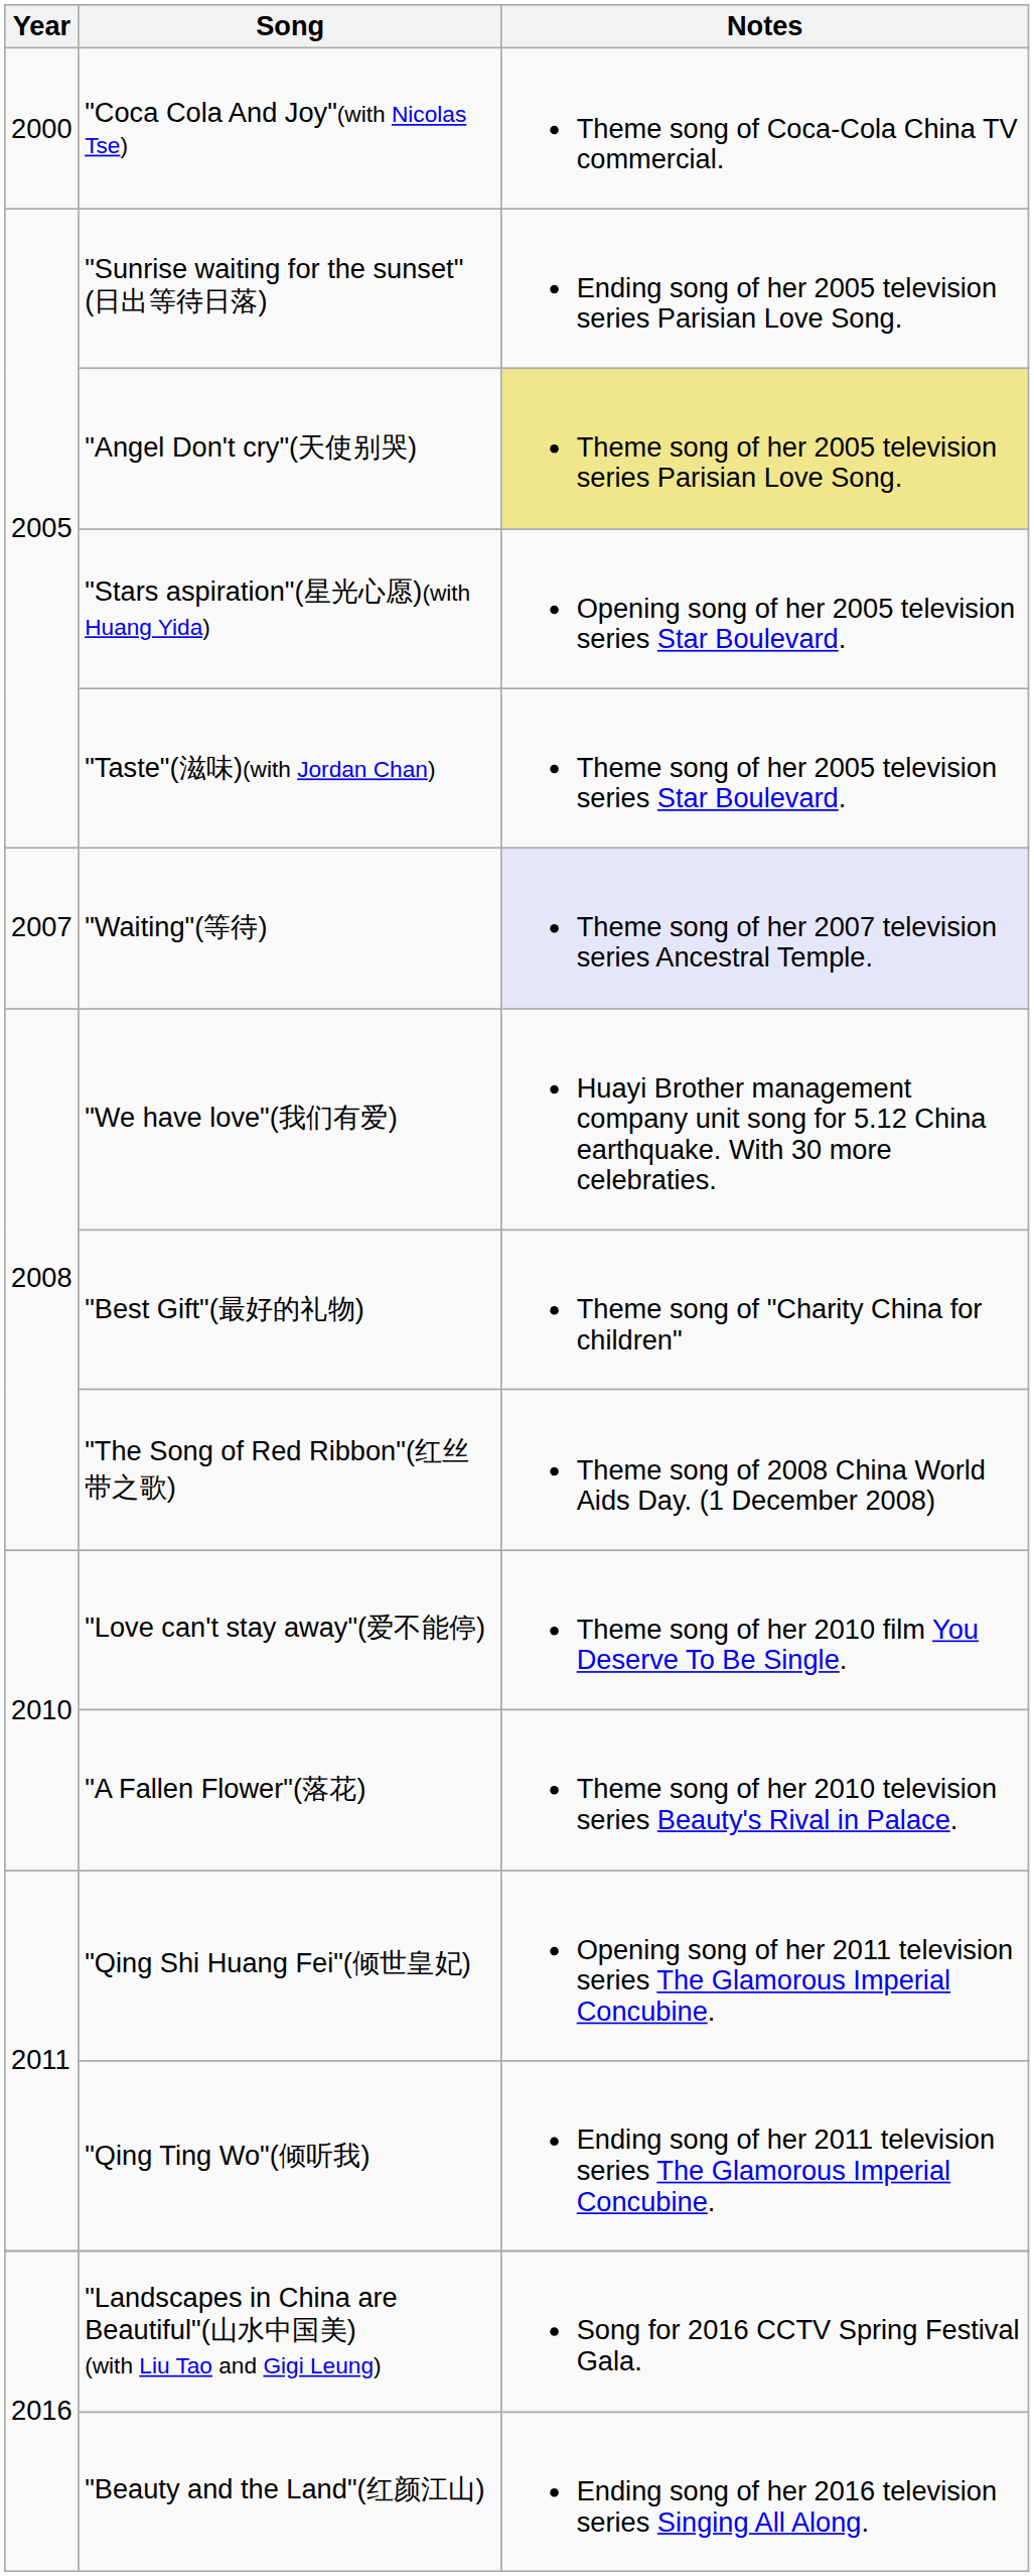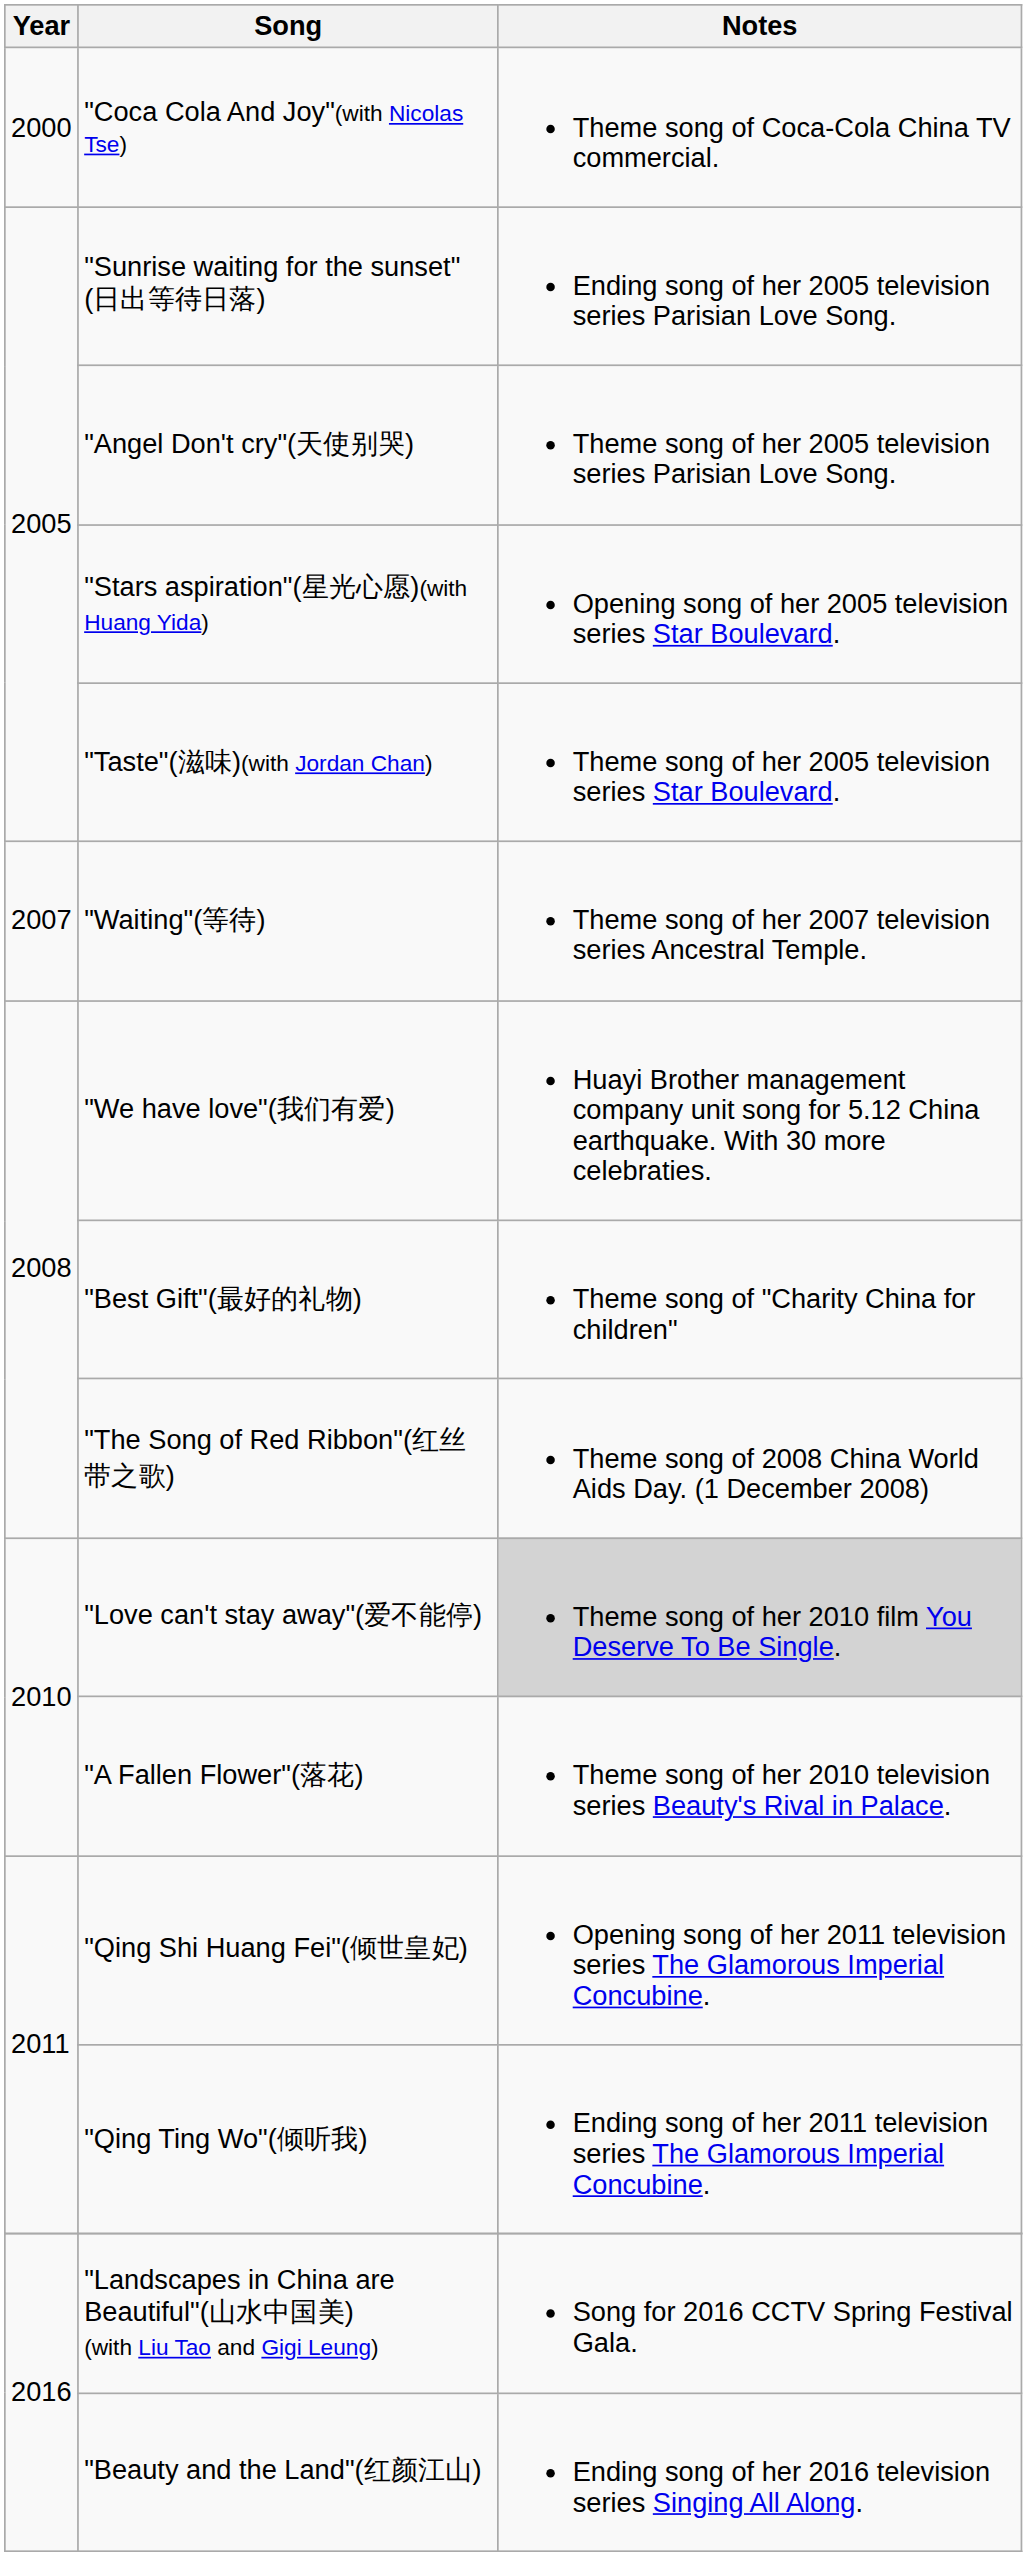 <table class="wikitable" >
 <tr>
 <th width="30">Year</th>
 <th width="240">Song</th>
 <th width="300">Notes</th>
 </tr>
 <tr>
 <td>2000</td>
 <td>"Coca Cola And Joy"<small>(with <a href='#'>Nicolas Tse</a>)</small></td>
 <td><br><ul><li>Theme song of Coca-Cola China TV commercial.</li></ul></td>
 </tr>
 <tr>
 <td rowspan="4">2005</td>
 <td>"Sunrise waiting for the sunset"(日出等待日落)</td>
 <td><br><ul><li>Ending song of her 2005 television series Parisian Love Song.</li></ul></td>
 </tr>
 <tr>
 <td>"Angel Don't cry"(天使别哭)</td>
-<td style="background: khaki;"><br><ul><li>Theme song of her 2005 television series Parisian Love Song.</li></ul></td>
+<td><br><ul><li>Theme song of her 2005 television series Parisian Love Song.</li></ul></td>
 </tr>
 <tr>
 <td>"Stars aspiration"(星光心愿)<small>(with <a href='#'>Huang Yida</a>)</small></td>
 <td><br><ul><li>Opening song of her 2005 television series <a href='#'>Star Boulevard</a>.</li></ul></td>
 </tr>
 <tr>
 <td>"Taste"(滋味)<small>(with <a href='#'>Jordan Chan</a>)</small></td>
 <td><br><ul><li>Theme song of her 2005 television series <a href='#'>Star Boulevard</a>.</li></ul></td>
 </tr>
 <tr>
 <td>2007</td>
 <td>"Waiting"(等待)</td>
-<td style="background: lavender;"><br><ul><li>Theme song of her 2007 television series Ancestral Temple.</li></ul></td>
+<td><br><ul><li>Theme song of her 2007 television series Ancestral Temple.</li></ul></td>
 </tr>
 <tr>
 <td rowspan="3">2008</td>
 <td>"We have love"(我们有爱)</td>
 <td><br><ul><li>Huayi Brother management company unit song for 5.12 China earthquake. With 30 more celebraties.</li></ul></td>
 </tr>
 <tr>
 <td>"Best Gift"(最好的礼物)</td>
 <td><br><ul><li>Theme song of "Charity China for children"</li></ul></td>
 </tr>
 <tr>
 <td>"The Song of Red Ribbon"(红丝带之歌)</td>
 <td><br><ul><li>Theme song of 2008 China World Aids Day. (1 December 2008)</li></ul></td>
 </tr>
 <tr>
 <td rowspan="2">2010</td>
 <td>"Love can't stay away"(爱不能停)</td>
-<td><br><ul><li>Theme song of her 2010 film <a href='#'>You Deserve To Be Single</a>.</li></ul></td>
+<td style="background: lightgrey;"><br><ul><li>Theme song of her 2010 film <a href='#'>You Deserve To Be Single</a>.</li></ul></td>
 </tr>
 <tr>
 <td>"A Fallen Flower"(落花)</td>
 <td><br><ul><li>Theme song of her 2010 television series <a href='#'>Beauty's Rival in Palace</a>.</li></ul></td>
 </tr>
 <tr>
 <td rowspan="2">2011</td>
 <td>"Qing Shi Huang Fei"(倾世皇妃)</td>
 <td><br><ul><li>Opening song of her 2011 television series <a href='#'>The Glamorous Imperial Concubine</a>.</li></ul></td>
 </tr>
 <tr>
 <td>"Qing Ting Wo"(倾听我)</td>
 <td><br><ul><li>Ending song of her 2011 television series <a href='#'>The Glamorous Imperial Concubine</a>.</li></ul></td>
 </tr>
 <tr>
 </tr>
 <tr>
 <td rowspan="2">2016</td>
 <td>"Landscapes in China are Beautiful"(山水中国美)<br><small>(with <a href='#'>Liu Tao</a> and <a href='#'>Gigi Leung</a>)</small></td>
 <td><br><ul><li>Song for 2016 CCTV Spring Festival Gala.</li></ul></td>
 </tr>
 <tr>
 <td>"Beauty and the Land"(红颜江山)</td>
 <td><br><ul><li>Ending song of her 2016 television series <a href='#'>Singing All Along</a>.</li></ul></td>
 </tr>
 <tr>
 </tr>
 </table>
